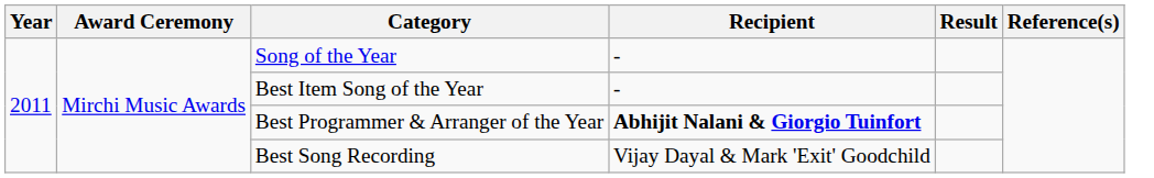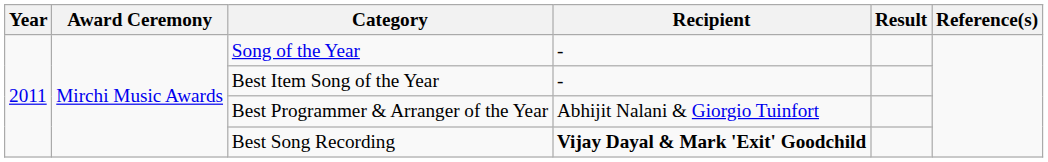 <table class="wikitable">
 <tr>
 <th>Year</th>
 <th>Award Ceremony</th>
 <th>Category</th>
 <th>Recipient</th>
 <th>Result</th>
 <th>Reference(s)</th>
 </tr>
 <tr>
 <td rowspan="4"><a href='#'>2011</a></td>
 <td rowspan="4"><a href='#'>Mirchi Music Awards</a></td>
 <td><a href='#'>Song of the Year</a></td>
 <td>-</td>
 <td></td>
 <td rowspan="4"></td>
 </tr>
 <tr>
 <td>Best Item Song of the Year</td>
 <td>-</td>
 <td></td>
 </tr>
 <tr>
 <td>Best Programmer & Arranger of the Year</td>
-<td><strong>Abhijit Nalani & <a href='#'>Giorgio Tuinfort</a></strong></td>
+<td>Abhijit Nalani & <a href='#'>Giorgio Tuinfort</a></td>
 <td></td>
 </tr>
 <tr>
 <td>Best Song Recording</td>
-<td>Vijay Dayal & Mark 'Exit' Goodchild</td>
+<td><strong>Vijay Dayal & Mark 'Exit' Goodchild</strong></td>
 <td></td>
 </tr>
 </table>
